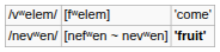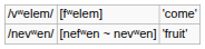 <table class="wikitable">
 <tr>
 <td>/vʷelem/</td>
 <td>[fʷelem]</td>
 <td>'come'</td>
 </tr>
 <tr>
 <td>/nevʷen/</td>
 <td>[nefʷen ~ nevʷen]</td>
-<td><strong>'fruit'</strong></td>
+<td>'fruit'</td>
 </tr>
 </table>
